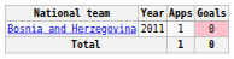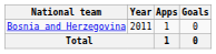 <table class="wikitable" style="text-align: center;">
 <tr>
 <th>National team</th>
 <th>Year</th>
 <th>Apps</th>
 <th>Goals</th>
 </tr>
 <tr>
 <td rowspan="2"><a href='#'>Bosnia and Herzegovina</a></td>
 </tr>
 <tr>
 <td>2011</td>
 <td>1</td>
-<td style="background: pink;">0</td>
+<td>0</td>
 </tr>
 <tr>
 <th colspan="2">Total</th>
 <th>1</th>
 <th>0</th>
 </tr>
 </table>
